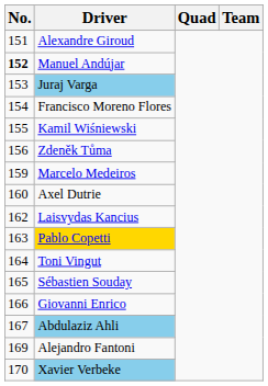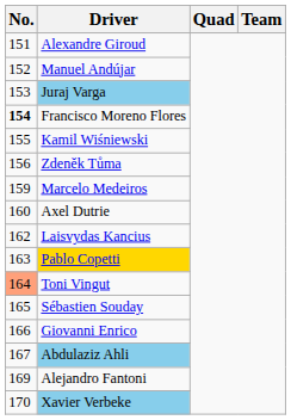 <table class="wikitable sortable" style="font-size:85%;">
 <tr>
 <th><big>No.</big></th>
 <th><big>Driver</big></th>
 <th><big>Quad</big></th>
 <th><big>Team</big></th>
 </tr>
 <tr>
 <td>151</td>
 <td> <a href='#'>Alexandre Giroud</a></td>
 </tr>
 <tr>
-<td><strong>152</strong></td>
+<td>152</td>
 <td> <a href='#'>Manuel Andújar</a></td>
 </tr>
 <tr>
 <td>153</td>
 <td style="background:skyblue;"> Juraj Varga</td>
 </tr>
 <tr>
-<td>154</td>
+<td><strong>154</strong></td>
 <td> Francisco Moreno Flores</td>
 </tr>
 <tr>
 <td>155</td>
 <td> <a href='#'>Kamil Wiśniewski</a></td>
 </tr>
 <tr>
 <td>156</td>
 <td> <a href='#'>Zdeněk Tůma</a></td>
 </tr>
 <tr>
 <td>159</td>
 <td> <a href='#'>Marcelo Medeiros</a></td>
 </tr>
 <tr>
 <td>160</td>
 <td> Axel Dutrie</td>
 </tr>
 <tr>
 <td>162</td>
 <td> <a href='#'>Laisvydas Kancius</a></td>
 </tr>
 <tr>
 <td>163</td>
 <td style="background:gold;"> <a href='#'>Pablo Copetti</a></td>
 </tr>
 <tr>
-<td>164</td>
+<td style="background: lightsalmon;">164</td>
 <td> <a href='#'>Toni Vingut</a></td>
 </tr>
 <tr>
 <td>165</td>
 <td> <a href='#'>Sébastien Souday</a></td>
 </tr>
 <tr>
 <td>166</td>
 <td> <a href='#'>Giovanni Enrico</a></td>
 </tr>
 <tr>
 <td>167</td>
 <td style="background:skyblue;"> Abdulaziz Ahli</td>
 </tr>
 <tr>
 <td>169</td>
 <td> Alejandro Fantoni</td>
 </tr>
 <tr>
 <td>170</td>
 <td style="background:skyblue;"> Xavier Verbeke</td>
 </tr>
 </table>
